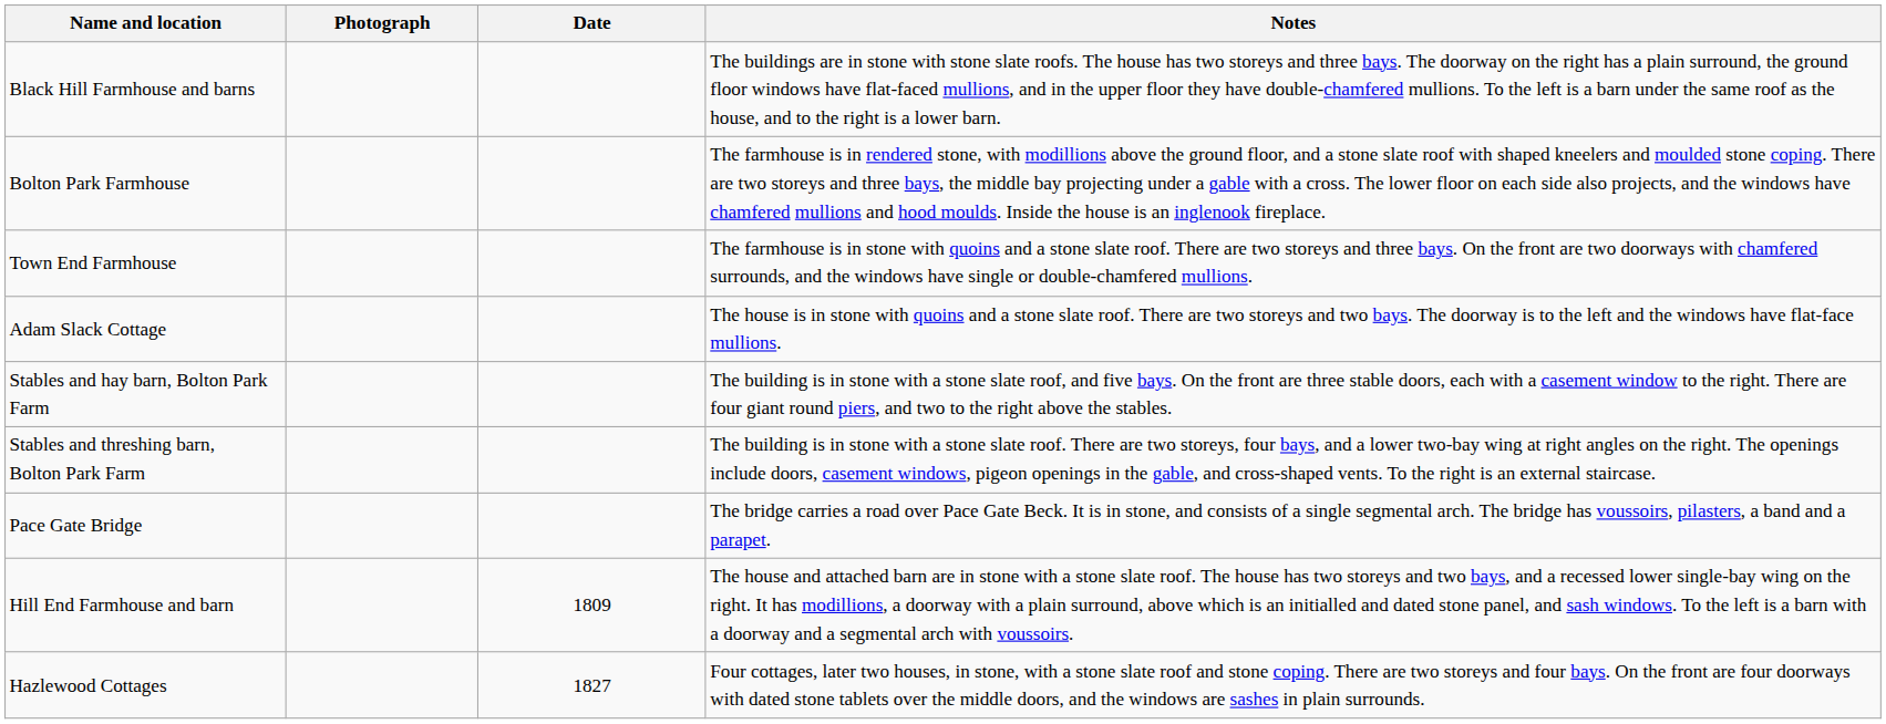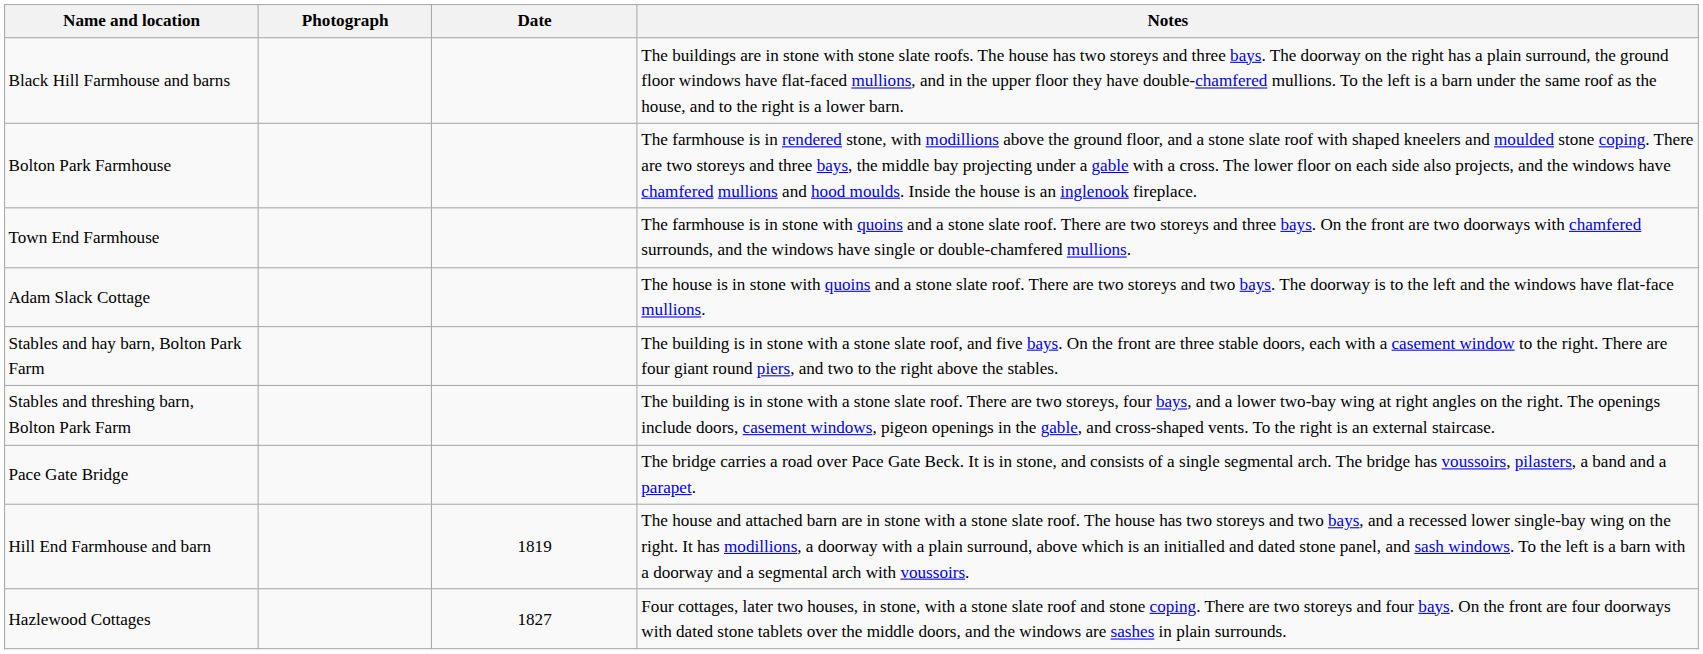 <table class="wikitable sortable plainrowheaders" style="width:100%;border:0px;text-align:left;line-height:150%;">
 <tr>
 <th scope="col"  style="width:150px">Name and location</th>
 <th scope="col"  style="width:100px" class="unsortable">Photograph</th>
 <th scope="col"  style="width:120px">Date</th>
 <th scope="col"  style="width:650px" class="unsortable">Notes</th>
 </tr>
 <tr>
 <td>Black Hill Farmhouse and barns<br><small></small></td>
 <td></td>
 <td align="center"></td>
 <td>The buildings are in stone with stone slate roofs.  The house has two storeys and three <a href='#'>bays</a>. The doorway on the right has a plain surround, the ground floor windows have flat-faced <a href='#'>mullions</a>, and in the upper floor they have double-<a href='#'>chamfered</a> mullions. To the left is a barn under the same roof as the house, and to the right is a lower barn.</td>
 </tr>
 <tr>
 <td>Bolton Park Farmhouse<br><small></small></td>
 <td></td>
 <td align="center"></td>
 <td>The farmhouse is in <a href='#'>rendered</a> stone, with <a href='#'>modillions</a> above the ground floor, and a stone slate roof with shaped kneelers and <a href='#'>moulded</a> stone <a href='#'>coping</a>. There are two storeys and three <a href='#'>bays</a>, the middle bay projecting under a <a href='#'>gable</a> with a cross. The lower floor on each side also projects, and the windows have <a href='#'>chamfered</a> <a href='#'>mullions</a> and <a href='#'>hood moulds</a>. Inside the house is an <a href='#'>inglenook</a> fireplace.</td>
 </tr>
 <tr>
 <td>Town End Farmhouse<br><small></small></td>
 <td></td>
 <td align="center"></td>
 <td>The farmhouse is in stone with <a href='#'>quoins</a> and a stone slate roof. There are two storeys and three <a href='#'>bays</a>.  On the front are two doorways with <a href='#'>chamfered</a> surrounds, and the windows have single or double-chamfered <a href='#'>mullions</a>.</td>
 </tr>
 <tr>
 <td>Adam Slack Cottage<br><small></small></td>
 <td></td>
 <td align="center"></td>
 <td>The house is in stone with <a href='#'>quoins</a> and a stone slate roof.  There are two storeys and two <a href='#'>bays</a>.  The doorway is to the left and the windows have flat-face <a href='#'>mullions</a>.</td>
 </tr>
 <tr>
 <td>Stables and hay barn, Bolton Park Farm<br><small></small></td>
 <td></td>
 <td align="center"></td>
 <td>The building is in stone with a stone slate roof, and five <a href='#'>bays</a>. On the front are three stable doors, each with a <a href='#'>casement window</a> to the right. There are four giant round <a href='#'>piers</a>, and two to the right above the stables.</td>
 </tr>
 <tr>
 <td>Stables and threshing barn,<br>Bolton Park Farm<br><small></small></td>
 <td></td>
 <td align="center"></td>
 <td>The building is in stone with a stone slate roof. There are two storeys, four <a href='#'>bays</a>, and a lower two-bay wing at right angles on the right. The openings include doors, <a href='#'>casement windows</a>, pigeon openings in the <a href='#'>gable</a>, and cross-shaped vents. To the right is an external staircase.</td>
 </tr>
 <tr>
 <td>Pace Gate Bridge<br><small></small></td>
 <td></td>
 <td align="center"></td>
 <td>The bridge carries a road over Pace Gate Beck.  It is in stone, and consists of a single segmental arch. The bridge has <a href='#'>voussoirs</a>, <a href='#'>pilasters</a>, a band and a <a href='#'>parapet</a>.</td>
 </tr>
 <tr>
 <td>Hill End Farmhouse and barn<br><small></small></td>
 <td></td>
-<td align="center">1809</td>
+<td align="center">1819</td>
 <td>The house and attached barn are in stone with a stone slate roof. The house has two storeys and two <a href='#'>bays</a>, and a recessed lower single-bay wing on the right.  It has <a href='#'>modillions</a>, a doorway with a plain surround, above which is an initialled and dated stone panel, and <a href='#'>sash windows</a>. To the left is a barn with a doorway and a segmental arch with <a href='#'>voussoirs</a>.</td>
 </tr>
 <tr>
 <td>Hazlewood Cottages<br><small></small></td>
 <td></td>
 <td align="center">1827</td>
 <td>Four cottages, later two houses, in stone, with a stone slate roof and stone <a href='#'>coping</a>. There are two storeys and four <a href='#'>bays</a>. On the front are four doorways with dated stone tablets over the middle doors, and the windows are <a href='#'>sashes</a> in plain surrounds.</td>
 </tr>
 </table>
